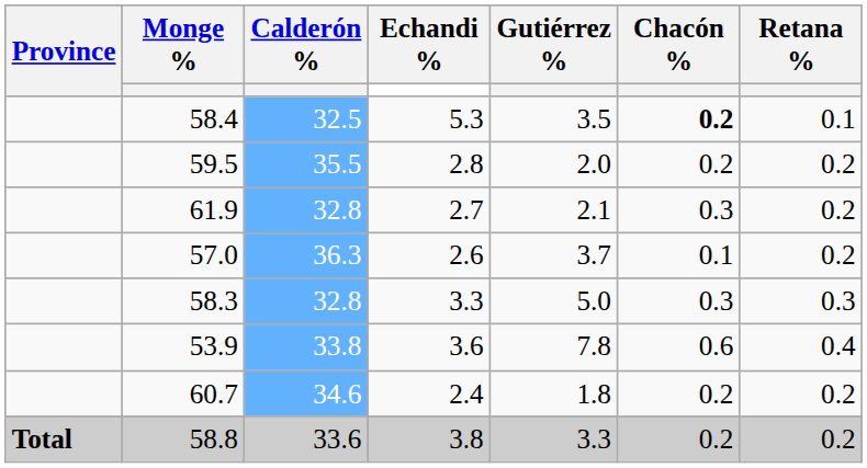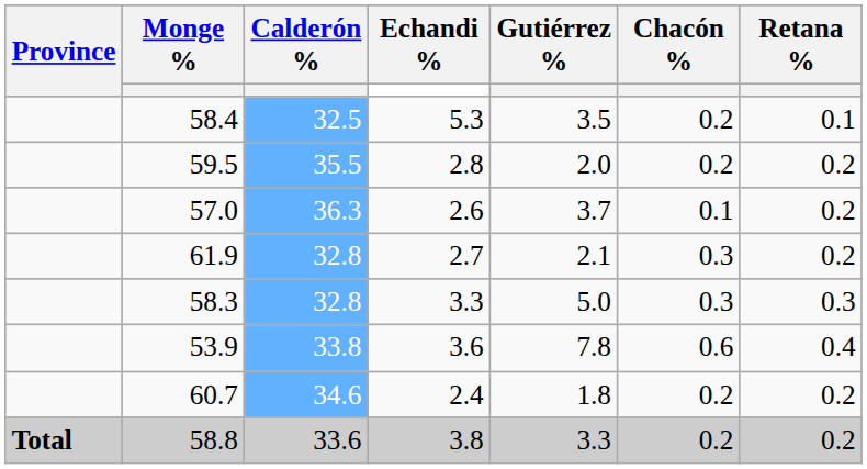 <table class="wikitable sortable" style="text-align:right; font-size:95%">
 <tr>
 <th rowspan=2><a href='#'>Province</a></th>
 <th width=60px><a href='#'>Monge</a> %</th>
 <th width=60px><a href='#'>Calderón</a> %</th>
 <th width=60px>Echandi %</th>
 <th width=60px>Gutiérrez %</th>
 <th width=60px>Chacón %</th>
 <th width=60px>Retana %</th>
 </tr>
 <tr>
 <th style="background:"></th>
 <th style="background:"></th>
 <th style="background:#FFF"></th>
 <th style="background:"></th>
 <th style="background:"></th>
 <th style="background:"></th>
 </tr>
 <tr>
 <td align="left"></td>
 <td style="background:">58.4</td>
 <td style="background:#61b1ff; color:white;">32.5</td>
 <td>5.3</td>
 <td>3.5</td>
-<td><strong>0.2</strong></td>
+<td>0.2</td>
 <td>0.1</td>
 </tr>
 <tr>
 <td align="left"></td>
 <td style="background:">59.5</td>
 <td style="background:#61b1ff; color:white;">35.5</td>
 <td>2.8</td>
 <td>2.0</td>
 <td>0.2</td>
 <td>0.2</td>
 </tr>
 <tr>
 <td align="left"></td>
+<td style="background:">57.0</td>
+<td style="background:#61b1ff; color:white;">36.3</td>
+<td>2.6</td>
+<td>3.7</td>
+<td>0.1</td>
+<td>0.2</td>
+</tr>
+<tr>
+<td align="left"></td>
 <td style="background:">61.9</td>
 <td style="background:#61b1ff; color:white;">32.8</td>
 <td>2.7</td>
 <td>2.1</td>
 <td>0.3</td>
-<td>0.2</td>
-</tr>
-<tr>
-<td align="left"></td>
-<td style="background:">57.0</td>
-<td style="background:#61b1ff; color:white;">36.3</td>
-<td>2.6</td>
-<td>3.7</td>
-<td>0.1</td>
 <td>0.2</td>
 </tr>
 <tr>
 <td align="left"></td>
 <td style="background:">58.3</td>
 <td style="background:#61b1ff; color:white;">32.8</td>
 <td>3.3</td>
 <td>5.0</td>
 <td>0.3</td>
 <td>0.3</td>
 </tr>
 <tr>
 <td align="left"></td>
 <td style="background:">53.9</td>
 <td style="background:#61b1ff; color:white;">33.8</td>
 <td>3.6</td>
 <td>7.8</td>
 <td>0.6</td>
 <td>0.4</td>
 </tr>
 <tr>
 <td align="left"></td>
 <td style="background:">60.7</td>
 <td style="background:#61b1ff; color:white;">34.6</td>
 <td>2.4</td>
 <td>1.8</td>
 <td>0.2</td>
 <td>0.2</td>
 </tr>
 <tr style="background:#CDCDCD;">
 <td align="left"><strong>Total</strong></td>
 <td style="background:">58.8</td>
 <td>33.6</td>
 <td>3.8</td>
 <td>3.3</td>
 <td>0.2</td>
 <td>0.2</td>
 </tr>
 </table>
